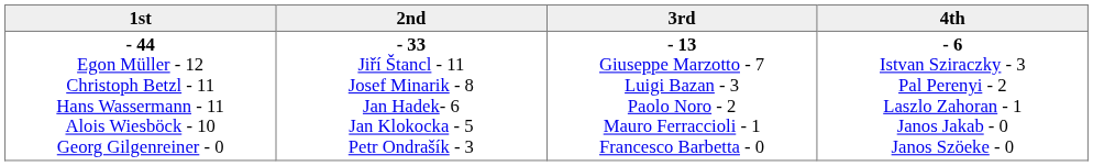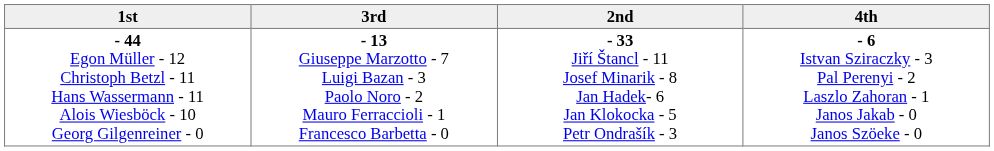 <table border=1 cellpadding=2 cellspacing=0 width=75% style="border-collapse:collapse">
 <tr align=center style="background:#efefef;">
 <th width=20% >1st</th>
+<th width=20% >3rd</th>
 <th width=20% >2nd</th>
-<th width=20% >3rd</th>
 <th width=20%>4th</th>
 </tr>
 <tr align=center>
 <td valign=top ><strong> - 44</strong><br><a href='#'>Egon Müller</a> - 12<br><a href='#'>Christoph Betzl</a> - 11<br><a href='#'>Hans Wassermann</a> - 11<br><a href='#'>Alois Wiesböck</a> - 10<br><a href='#'>Georg Gilgenreiner</a> - 0</td>
+<td valign=top ><strong> - 13</strong><br><a href='#'>Giuseppe Marzotto</a> - 7<br><a href='#'>Luigi Bazan</a> - 3<br><a href='#'>Paolo Noro</a> - 2<br><a href='#'>Mauro Ferraccioli</a> - 1<br><a href='#'>Francesco Barbetta</a> - 0</td>
 <td valign=top ><strong> - 33</strong><br><a href='#'>Jiří Štancl</a> - 11<br><a href='#'>Josef Minarik</a> - 8<br><a href='#'>Jan Hadek</a>- 6<br><a href='#'>Jan Klokocka</a> - 5<br><a href='#'>Petr Ondrašík</a> - 3</td>
-<td valign=top ><strong> - 13</strong><br><a href='#'>Giuseppe Marzotto</a> - 7<br><a href='#'>Luigi Bazan</a> - 3<br><a href='#'>Paolo Noro</a> - 2<br><a href='#'>Mauro Ferraccioli</a> - 1<br><a href='#'>Francesco Barbetta</a> - 0</td>
 <td valign=top><strong> - 6</strong><br><a href='#'>Istvan Sziraczky</a> - 3<br><a href='#'>Pal Perenyi</a> - 2<br><a href='#'>Laszlo Zahoran</a> - 1<br><a href='#'>Janos Jakab</a>  - 0<br><a href='#'>Janos Szöeke</a> - 0</td>
 </tr>
 </table>
